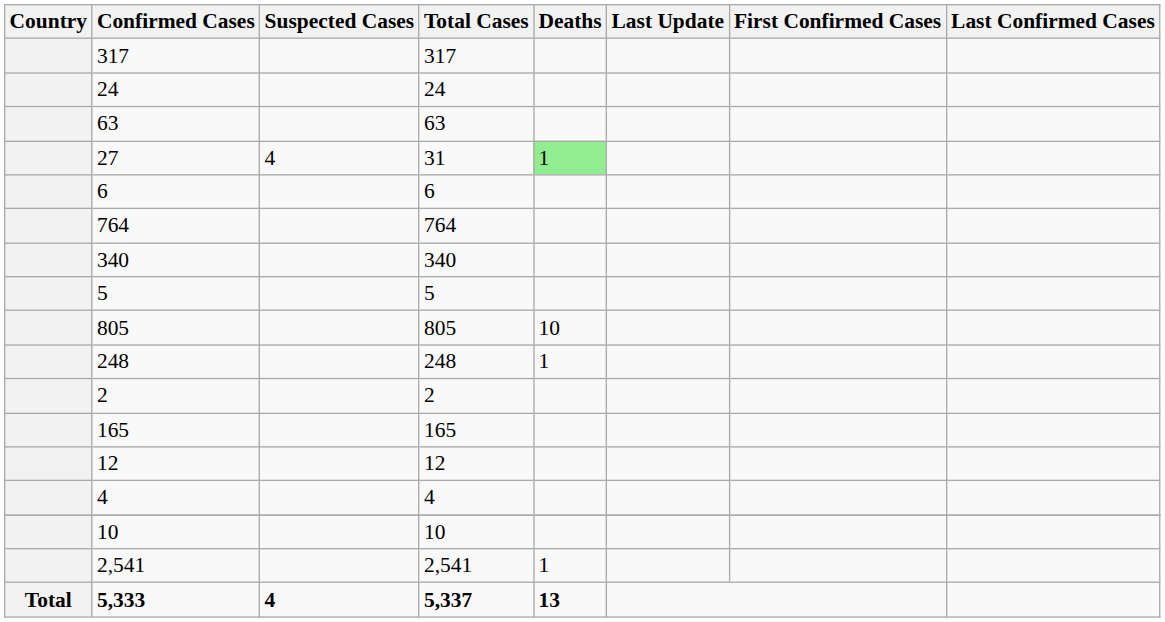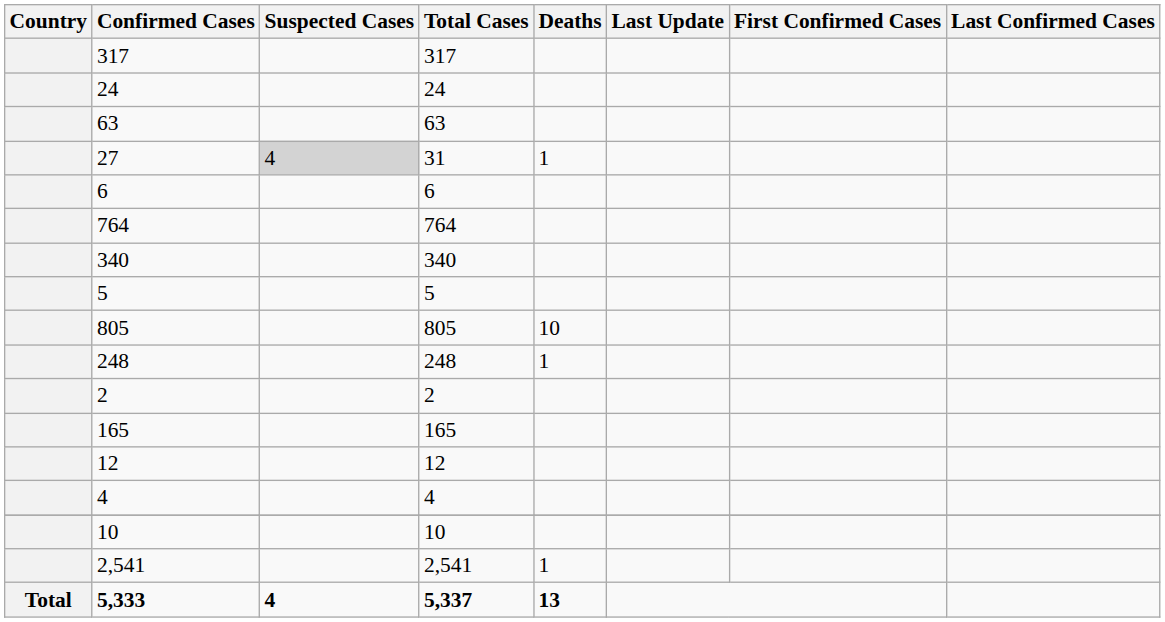 <table class="wikitable sortable plainrowheaders">
 <tr>
 <th scope="col">Country</th>
 <th scope="col" data-sort-type=number>Confirmed Cases</th>
 <th scope="col" data-sort-type=number>Suspected Cases</th>
 <th scope+"col" data-sort-type=number>Total Cases</th>
 <th scope+"col" data-sort-type=number>Deaths</th>
 <th scope="col">Last Update</th>
 <th scope="col">First Confirmed Cases</th>
 <th>Last Confirmed Cases</th>
 </tr>
 <tr>
 <th scope="row"></th>
 <td>317</td>
 <td></td>
 <td>317</td>
 <td></td>
 <td></td>
 <td></td>
 <td></td>
 </tr>
 <tr>
 <th scope="row"></th>
 <td>24</td>
 <td></td>
 <td>24</td>
 <td></td>
 <td></td>
 <td></td>
 <td></td>
 </tr>
 <tr>
 <th scope="row"></th>
 <td>63</td>
 <td></td>
 <td>63</td>
 <td></td>
 <td></td>
 <td></td>
 <td></td>
 </tr>
 <tr>
 <th scope="row"></th>
 <td>27</td>
-<td>4</td>
+<td style="background: lightgrey;">4</td>
 <td>31</td>
-<td style="background: lightgreen;">1</td>
+<td>1</td>
 <td></td>
 <td></td>
 <td></td>
 </tr>
 <tr>
 <th scope="row"></th>
 <td>6</td>
 <td></td>
 <td>6</td>
 <td></td>
 <td></td>
 <td></td>
 <td></td>
 </tr>
 <tr>
 <th scope="row"></th>
 <td>764</td>
 <td></td>
 <td>764</td>
 <td></td>
 <td></td>
 <td></td>
 <td></td>
 </tr>
 <tr>
 <th scope="row"></th>
 <td>340</td>
 <td></td>
 <td>340</td>
 <td></td>
 <td></td>
 <td></td>
 <td></td>
 </tr>
 <tr>
 <th scope="row"></th>
 <td>5</td>
 <td></td>
 <td>5</td>
 <td></td>
 <td></td>
 <td></td>
 <td></td>
 </tr>
 <tr>
 <th scope="row"></th>
 <td>805</td>
 <td></td>
 <td>805</td>
 <td>10</td>
 <td></td>
 <td></td>
 <td></td>
 </tr>
 <tr>
 <th scope="row"></th>
 <td>248</td>
 <td></td>
 <td>248</td>
 <td>1</td>
 <td></td>
 <td></td>
 <td></td>
 </tr>
 <tr>
 <th scope="row"></th>
 <td>2</td>
 <td></td>
 <td>2</td>
 <td></td>
 <td></td>
 <td></td>
 <td></td>
 </tr>
 <tr>
 <th scope="row"></th>
 <td>165</td>
 <td></td>
 <td>165</td>
 <td></td>
 <td></td>
 <td></td>
 <td></td>
 </tr>
 <tr>
 <th scope="row"></th>
 <td>12</td>
 <td></td>
 <td>12</td>
 <td></td>
 <td></td>
 <td></td>
 <td></td>
 </tr>
 <tr>
 <th scope="row"></th>
 <td>4</td>
 <td></td>
 <td>4</td>
 <td></td>
 <td></td>
 <td></td>
 <td></td>
 </tr>
 <tr>
 </tr>
 <tr>
 <th scope="row"></th>
 <td>10</td>
 <td></td>
 <td>10</td>
 <td></td>
 <td></td>
 <td></td>
 <td></td>
 </tr>
 <tr>
 <th scope="row"></th>
 <td>2,541</td>
 <td></td>
 <td>2,541</td>
 <td>1</td>
 <td></td>
 <td></td>
 <td></td>
 </tr>
 <tr class="sortbottom">
 <th scope="row"><strong>Total</strong></th>
 <td><strong>5,333</strong></td>
 <td><strong>4</strong></td>
 <td><strong>5,337</strong></td>
 <td><strong>13</strong></td>
 <td colspan="2"></td>
 <td></td>
 </tr>
 </table>
